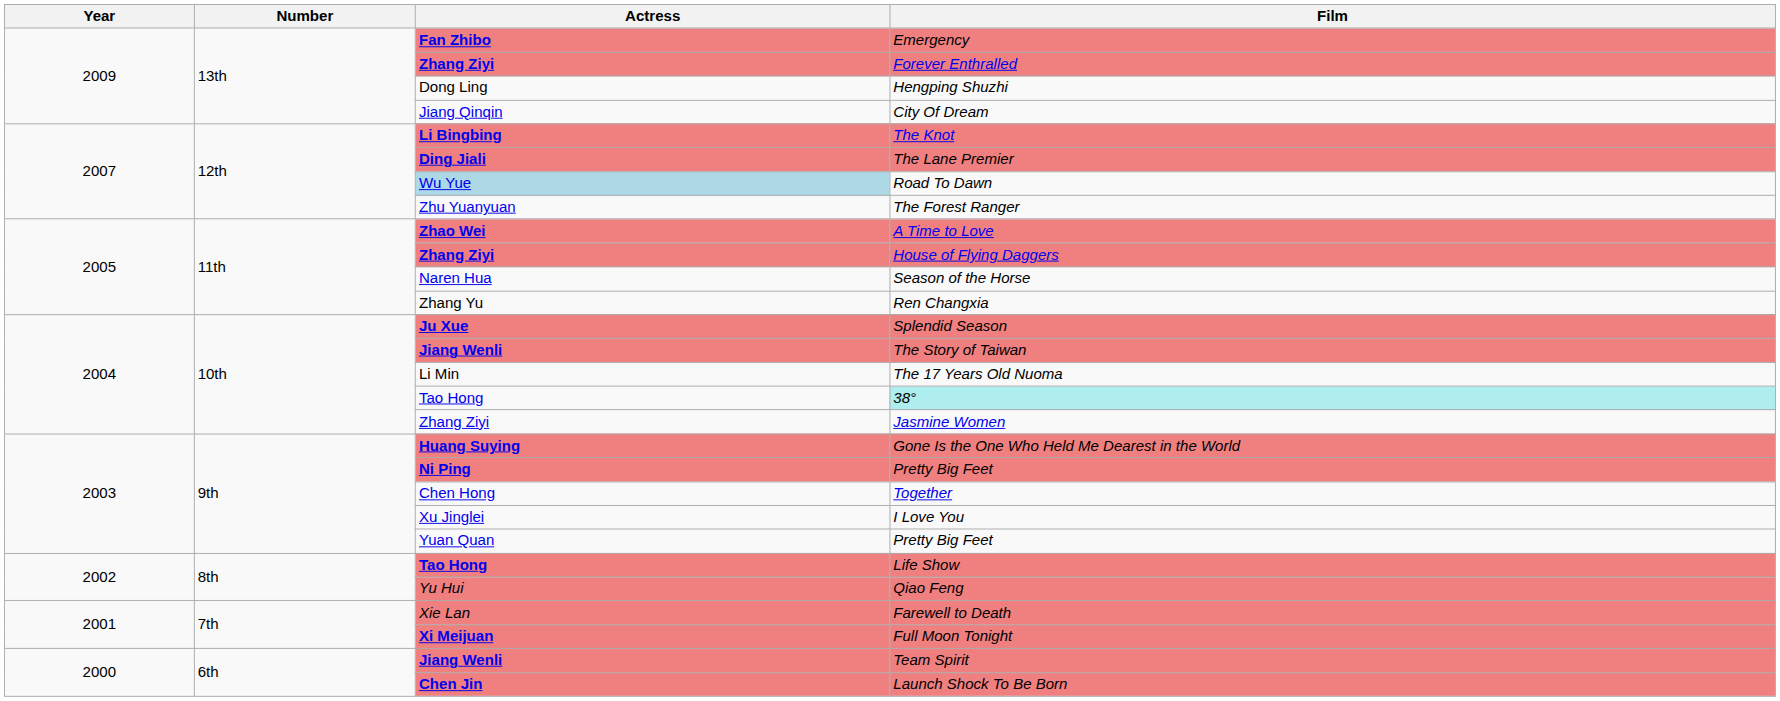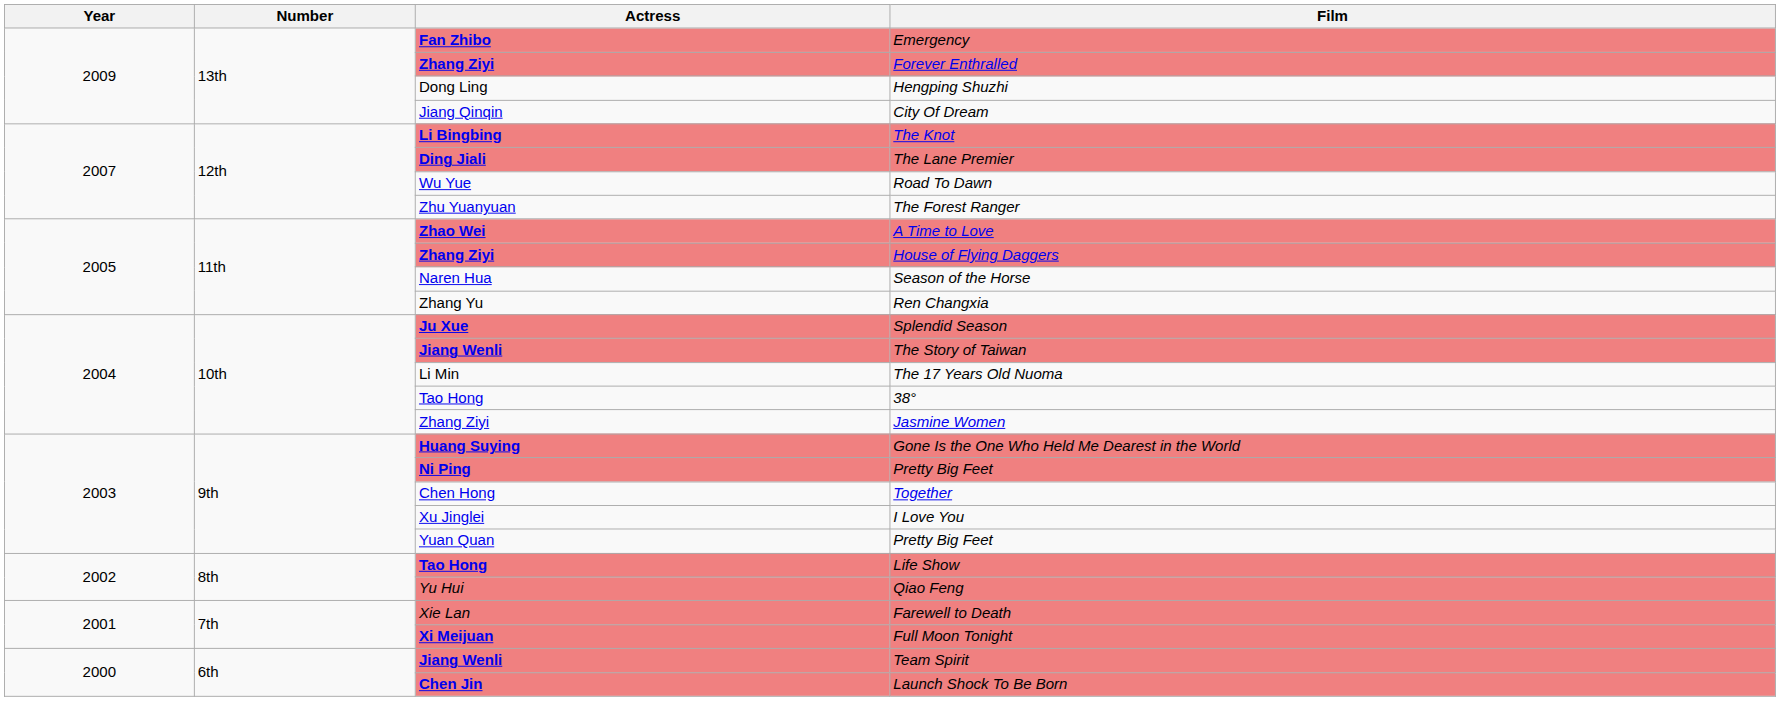 <table class="wikitable" width="95%" align="center">
 <tr>
 <th width="6%">Year</th>
 <th width="7%">Number</th>
 <th width="15%">Actress</th>
 <th width="28%">Film</th>
 </tr>
 <tr>
 <td rowspan="4" style="text-align:center;">2009</td>
 <td rowspan="4">13th</td>
 <td style="background:#F08080;"><strong><a href='#'>Fan Zhibo</a></strong></td>
 <td style="background:#F08080;"><em>Emergency</em></td>
 </tr>
 <tr>
 <td style="background:#F08080;"><strong><a href='#'>Zhang Ziyi</a></strong></td>
 <td style="background:#F08080;"><em><a href='#'>Forever Enthralled</a></em></td>
 </tr>
 <tr>
 <td>Dong Ling</td>
 <td><em>Hengping Shuzhi</em></td>
 </tr>
 <tr>
 <td><a href='#'>Jiang Qinqin</a></td>
 <td><em>City Of Dream</em></td>
 </tr>
 <tr>
 <td rowspan="4" style="text-align:center;">2007</td>
 <td rowspan="4">12th</td>
 <td style="background:#F08080;"><strong><a href='#'>Li Bingbing</a></strong></td>
 <td style="background:#F08080;"><em><a href='#'>The Knot</a></em></td>
 </tr>
 <tr>
 <td style="background:#F08080;"><strong><a href='#'>Ding Jiali</a></strong></td>
 <td style="background:#F08080;"><em>The Lane Premier</em></td>
 </tr>
 <tr>
-<td style="background: lightblue;"><a href='#'>Wu Yue</a></td>
+<td><a href='#'>Wu Yue</a></td>
 <td><em>Road To Dawn</em></td>
 </tr>
 <tr>
 <td><a href='#'>Zhu Yuanyuan</a></td>
 <td><em>The Forest Ranger</em></td>
 </tr>
 <tr>
 <td rowspan="4" style="text-align:center;">2005</td>
 <td rowspan="4">11th</td>
 <td style="background:#F08080;"><strong><a href='#'>Zhao Wei</a></strong></td>
 <td style="background:#F08080;"><em><a href='#'>A Time to Love</a></em></td>
 </tr>
 <tr>
 <td style="background:#F08080;"><strong><a href='#'>Zhang Ziyi</a></strong></td>
 <td style="background:#F08080;"><em><a href='#'>House of Flying Daggers</a></em></td>
 </tr>
 <tr>
 <td><a href='#'>Naren Hua</a></td>
 <td><em>Season of the Horse</em></td>
 </tr>
 <tr>
 <td>Zhang Yu</td>
 <td><em>Ren Changxia</em></td>
 </tr>
 <tr>
 <td rowspan="5" style="text-align:center;">2004</td>
 <td rowspan="5">10th</td>
 <td style="background:#F08080;"><strong><a href='#'>Ju Xue</a></strong></td>
 <td style="background:#F08080;"><em>Splendid Season</em></td>
 </tr>
 <tr>
 <td style="background:#F08080;"><strong><a href='#'>Jiang Wenli</a></strong></td>
 <td style="background:#F08080;"><em>The Story of Taiwan</em></td>
 </tr>
 <tr>
 <td>Li Min</td>
 <td><em>The 17 Years Old Nuoma</em></td>
 </tr>
 <tr>
 <td><a href='#'>Tao Hong</a></td>
-<td style="background: paleturquoise;"><em>38°</em></td>
+<td><em>38°</em></td>
 </tr>
 <tr>
 <td><a href='#'>Zhang Ziyi</a></td>
 <td><em><a href='#'>Jasmine Women</a></em></td>
 </tr>
 <tr>
 <td rowspan="5" style="text-align:center;">2003</td>
 <td rowspan="5">9th</td>
 <td style="background:#F08080;"><strong><a href='#'>Huang Suying</a></strong></td>
 <td style="background:#F08080;"><em>Gone Is the One Who Held Me Dearest in the World</em></td>
 </tr>
 <tr>
 <td style="background:#F08080;"><strong><a href='#'>Ni Ping</a></strong></td>
 <td style="background:#F08080;"><em>Pretty Big Feet</em></td>
 </tr>
 <tr>
 <td><a href='#'>Chen Hong</a></td>
 <td><em><a href='#'>Together</a></em></td>
 </tr>
 <tr>
 <td><a href='#'>Xu Jinglei</a></td>
 <td><em>I Love You</em></td>
 </tr>
 <tr>
 <td><a href='#'>Yuan Quan</a></td>
 <td><em>Pretty Big Feet</em></td>
 </tr>
 <tr>
 <td rowspan="2" style="text-align:center;">2002</td>
 <td rowspan="2">8th</td>
 <td style="background:#F08080;"><strong><a href='#'>Tao Hong</a></strong></td>
 <td style="background:#F08080;"><em>Life Show</em></td>
 </tr>
 <tr>
 <td style="background:#F08080;"><em>Yu Hui</em></td>
 <td style="background:#F08080;"><em>Qiao Feng</em></td>
 </tr>
 <tr>
 <td rowspan="2" style="text-align:center;">2001</td>
 <td rowspan="2">7th</td>
 <td style="background:#F08080;"><em>Xie Lan</em></td>
 <td style="background:#F08080;"><em>Farewell to Death</em></td>
 </tr>
 <tr>
 <td style="background:#F08080;"><strong><a href='#'>Xi Meijuan</a></strong></td>
 <td style="background:#F08080;"><em>Full Moon Tonight</em></td>
 </tr>
 <tr>
 <td rowspan="10" style="text-align:center;">2000</td>
 <td rowspan="10">6th</td>
 <td style="background:#F08080;"><strong><a href='#'>Jiang Wenli</a></strong></td>
 <td style="background:#F08080;"><em>Team Spirit</em></td>
 </tr>
 <tr>
 <td style="background:#F08080;"><strong><a href='#'>Chen Jin</a></strong></td>
 <td style="background:#F08080;"><em>Launch Shock To Be Born</em></td>
 </tr>
 </table>
